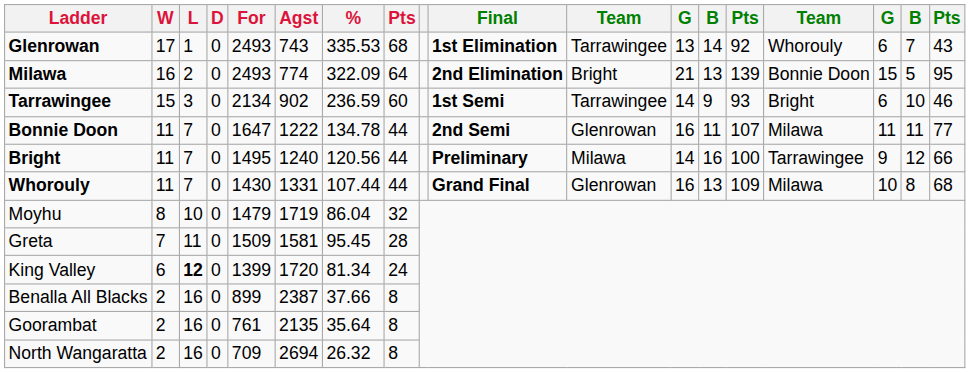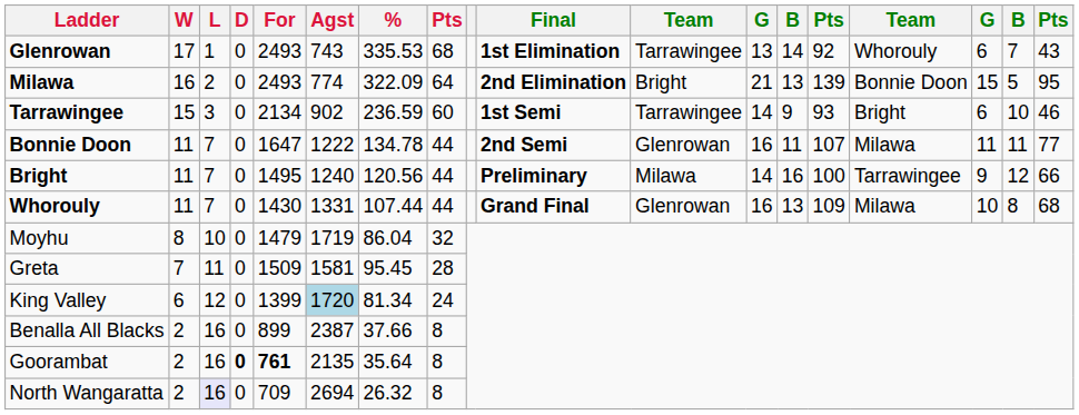 <table class="wikitable">
 <tr>
 <th style="color:crimson">Ladder</th>
 <th style="color:crimson">W</th>
 <th style="color:crimson">L</th>
 <th style="color:crimson">D</th>
 <th style="color:crimson">For</th>
 <th style="color:crimson">Agst</th>
 <th style="color:crimson">%</th>
 <th style="color:crimson">Pts</th>
 <th></th>
 <th style="color:green">Final</th>
 <th style="color:green">Team</th>
 <th style="color:green">G</th>
 <th style="color:green">B</th>
 <th style="color:green">Pts</th>
 <th style="color:green">Team</th>
 <th style="color:green">G</th>
 <th style="color:green">B</th>
 <th style="color:green">Pts</th>
 </tr>
 <tr>
 <td><strong>Glenrowan</strong></td>
 <td>17</td>
 <td>1</td>
 <td>0</td>
 <td>2493</td>
 <td>743</td>
 <td>335.53</td>
 <td>68</td>
 <td></td>
 <td><strong>1st Elimination</strong></td>
 <td>Tarrawingee</td>
 <td>13</td>
 <td>14</td>
 <td>92</td>
 <td>Whorouly</td>
 <td>6</td>
 <td>7</td>
 <td>43</td>
 </tr>
 <tr>
 <td><strong>Milawa</strong></td>
 <td>16</td>
 <td>2</td>
 <td>0</td>
 <td>2493</td>
 <td>774</td>
 <td>322.09</td>
 <td>64</td>
 <td></td>
 <td><strong>2nd Elimination</strong></td>
 <td>Bright</td>
 <td>21</td>
 <td>13</td>
 <td>139</td>
 <td>Bonnie Doon</td>
 <td>15</td>
 <td>5</td>
 <td>95</td>
 </tr>
 <tr>
 <td><strong>Tarrawingee</strong></td>
 <td>15</td>
 <td>3</td>
 <td>0</td>
 <td>2134</td>
 <td>902</td>
 <td>236.59</td>
 <td>60</td>
 <td></td>
 <td><strong>1st Semi</strong></td>
 <td>Tarrawingee</td>
 <td>14</td>
 <td>9</td>
 <td>93</td>
 <td>Bright</td>
 <td>6</td>
 <td>10</td>
 <td>46</td>
 </tr>
 <tr>
 <td><strong>Bonnie Doon</strong></td>
 <td>11</td>
 <td>7</td>
 <td>0</td>
 <td>1647</td>
 <td>1222</td>
 <td>134.78</td>
 <td>44</td>
 <td></td>
 <td><strong>2nd Semi</strong></td>
 <td>Glenrowan</td>
 <td>16</td>
 <td>11</td>
 <td>107</td>
 <td>Milawa</td>
 <td>11</td>
 <td>11</td>
 <td>77</td>
 </tr>
 <tr>
 <td><strong>Bright</strong></td>
 <td>11</td>
 <td>7</td>
 <td>0</td>
 <td>1495</td>
 <td>1240</td>
 <td>120.56</td>
 <td>44</td>
 <td></td>
 <td><strong>Preliminary</strong></td>
 <td>Milawa</td>
 <td>14</td>
 <td>16</td>
 <td>100</td>
 <td>Tarrawingee</td>
 <td>9</td>
 <td>12</td>
 <td>66</td>
 </tr>
 <tr>
 <td><strong>Whorouly</strong></td>
 <td>11</td>
 <td>7</td>
 <td>0</td>
 <td>1430</td>
 <td>1331</td>
 <td>107.44</td>
 <td>44</td>
 <td></td>
 <td><strong>Grand Final</strong></td>
 <td>Glenrowan</td>
 <td>16</td>
 <td>13</td>
 <td>109</td>
 <td>Milawa</td>
 <td>10</td>
 <td>8</td>
 <td>68</td>
 </tr>
 <tr>
 <td>Moyhu</td>
 <td>8</td>
 <td>10</td>
 <td>0</td>
 <td>1479</td>
 <td>1719</td>
 <td>86.04</td>
 <td>32</td>
 </tr>
 <tr>
 <td>Greta</td>
 <td>7</td>
 <td>11</td>
 <td>0</td>
 <td>1509</td>
 <td>1581</td>
 <td>95.45</td>
 <td>28</td>
 </tr>
 <tr>
 <td>King Valley</td>
 <td>6</td>
-<td><strong>12</strong></td>
+<td>12</td>
 <td>0</td>
 <td>1399</td>
-<td>1720</td>
+<td style="background: lightblue;">1720</td>
 <td>81.34</td>
 <td>24</td>
 </tr>
 <tr>
 <td>Benalla All Blacks</td>
 <td>2</td>
 <td>16</td>
 <td>0</td>
 <td>899</td>
 <td>2387</td>
 <td>37.66</td>
 <td>8</td>
 </tr>
 <tr>
 <td>Goorambat</td>
 <td>2</td>
 <td>16</td>
-<td>0</td>
-<td>761</td>
+<td><strong>0</strong></td>
+<td><strong>761</strong></td>
 <td>2135</td>
 <td>35.64</td>
 <td>8</td>
 </tr>
 <tr>
 <td>North Wangaratta</td>
 <td>2</td>
-<td>16</td>
+<td style="background: lavender;">16</td>
 <td>0</td>
 <td>709</td>
 <td>2694</td>
 <td>26.32</td>
 <td>8</td>
 </tr>
 </table>
